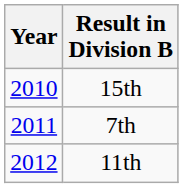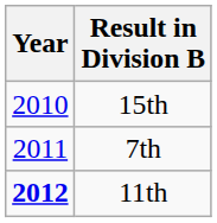 <table class="wikitable" style="text-align:center">
 <tr>
 <th>Year</th>
 <th>Result in<br>Division B</th>
 </tr>
 <tr>
 <td><a href='#'>2010</a></td>
 <td>15th</td>
 </tr>
 <tr>
 <td><a href='#'>2011</a></td>
 <td>7th</td>
 </tr>
 <tr>
-<td><a href='#'>2012</a></td>
+<td><strong><a href='#'>2012</a></strong></td>
 <td>11th</td>
 </tr>
 </table>
